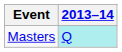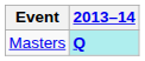 <table class="wikitable">
 <tr>
 <th>Event</th>
 <th><a href='#'>2013–14</a></th>
 </tr>
 <tr>
 <td><a href='#'>Masters</a></td>
-<td style="background:#afeeee;"><a href='#'>Q</a></td>
+<td style="background:#afeeee;"><strong><a href='#'>Q</a></strong></td>
 </tr>
 </table>
